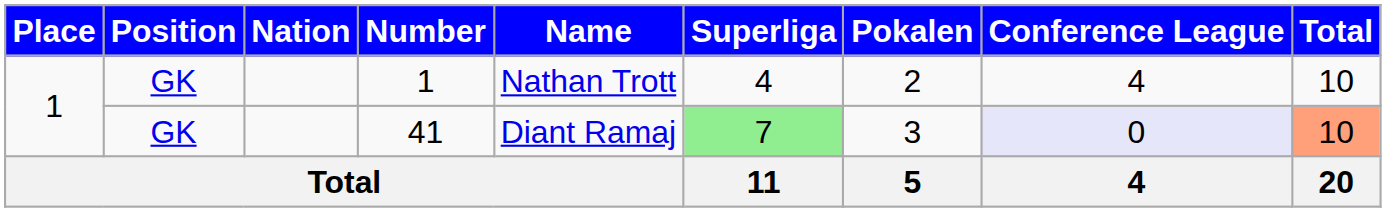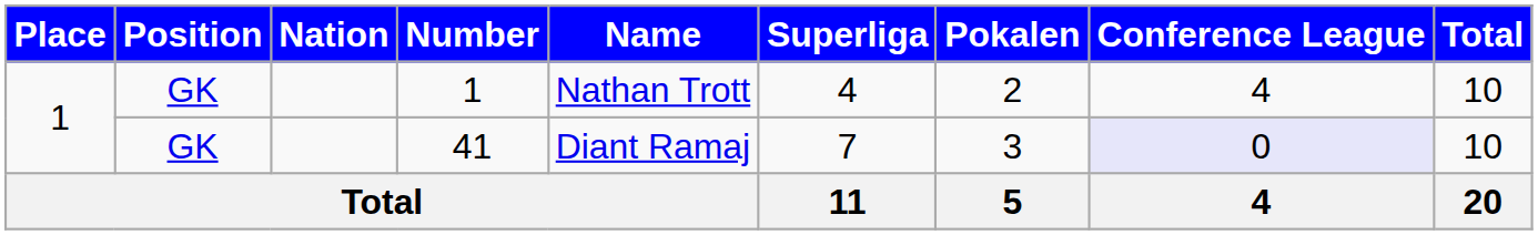 <table class="wikitable" style="font-size: 95%; text-align: center">
 <tr>
 <th style="background:#0000FF; color:white; text-align:center;"!width=80>Place</th>
 <th style="background:#0000FF; color:white; text-align:center;"!width=80>Position</th>
 <th style="background:#0000FF; color:white; text-align:center;"!width=80>Nation</th>
 <th style="background:#0000FF; color:white; text-align:center;"!width=80>Number</th>
 <th style="background:#0000FF; color:white; text-align:center;"!width=150>Name</th>
 <th style="background:#0000FF; color:white; text-align:center;"!width=150>Superliga</th>
 <th style="background:#0000FF; color:white; text-align:center;"!width=150>Pokalen</th>
 <th style="background:#0000FF; color:white; text-align:center;"!width=150>Conference League</th>
 <th style="background:#0000FF; color:white; text-align:center;"!width=80>Total</th>
 </tr>
 <tr>
 <td rowspan=2>1</td>
 <td><a href='#'>GK</a></td>
 <td></td>
 <td>1</td>
 <td><a href='#'>Nathan Trott</a></td>
 <td>4</td>
 <td>2</td>
 <td>4</td>
 <td>10</td>
 </tr>
 <tr>
 <td><a href='#'>GK</a></td>
 <td></td>
 <td>41</td>
 <td><a href='#'>Diant Ramaj</a></td>
-<td style="background: lightgreen;">7</td>
+<td>7</td>
 <td>3</td>
 <td style="background: lavender;">0</td>
-<td style="background: lightsalmon;">10</td>
+<td>10</td>
 </tr>
 <tr>
 <th colspan=5>Total</th>
 <th>11</th>
 <th>5</th>
 <th>4</th>
 <th>20</th>
 </tr>
 </table>
